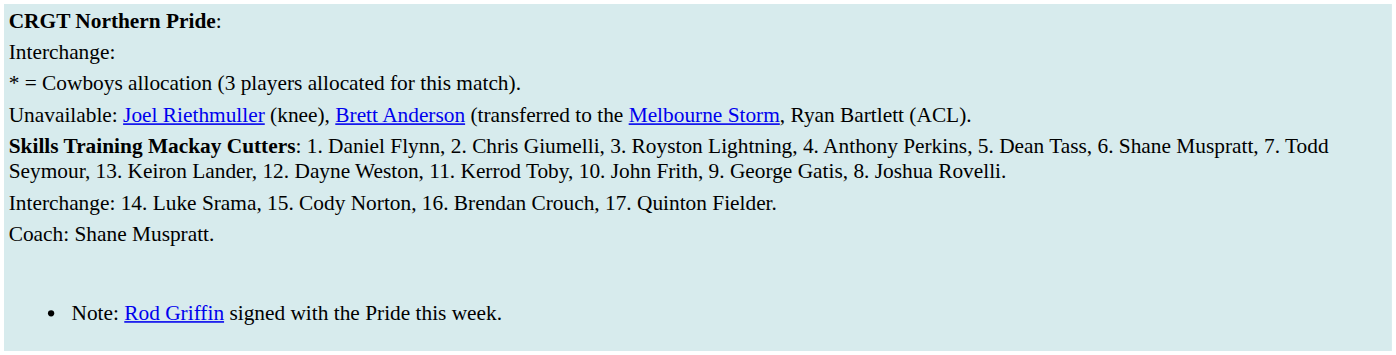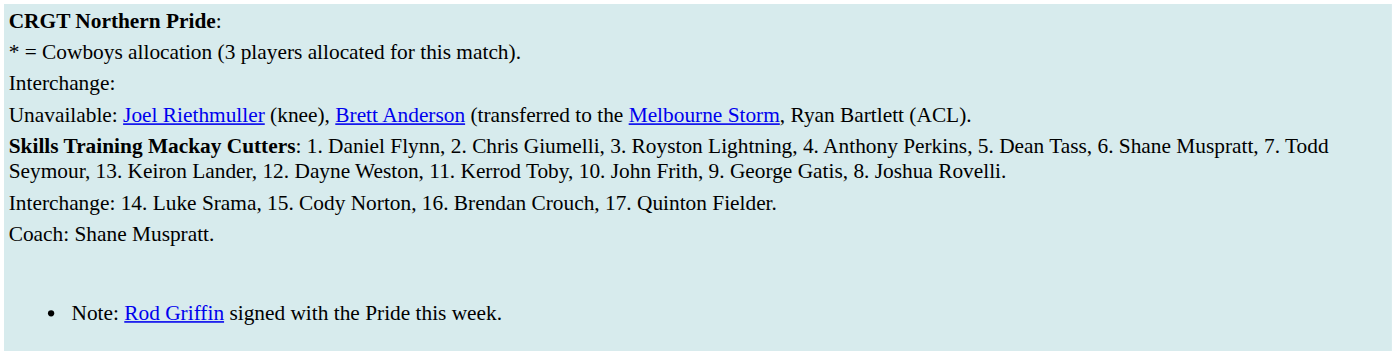 <table style="background:#d7ebed; font-size:85%; width:100%;">
 <tr>
 <td><strong>CRGT Northern Pride</strong>:             </td>
 </tr>
 <tr>
-<td>Interchange:    </td>
+<td>* = Cowboys allocation (3 players allocated for this match).</td>
 </tr>
 <tr>
-<td>* = Cowboys allocation (3 players allocated for this match).</td>
+<td>Interchange:    </td>
 </tr>
 <tr>
 <td>Unavailable: <a href='#'>Joel Riethmuller</a> (knee), <a href='#'>Brett Anderson</a> (transferred to the <a href='#'>Melbourne Storm</a>, Ryan Bartlett (ACL).</td>
 </tr>
 <tr>
 <td><strong>Skills Training Mackay Cutters</strong>: 1. Daniel Flynn, 2. Chris Giumelli, 3. Royston Lightning, 4. Anthony Perkins, 5. Dean Tass, 6. Shane Muspratt, 7. Todd Seymour, 13. Keiron Lander, 12. Dayne Weston, 11. Kerrod Toby, 10. John Frith, 9. George Gatis, 8. Joshua Rovelli.</td>
 </tr>
 <tr>
 <td>Interchange: 14. Luke Srama, 15. Cody Norton, 16. Brendan Crouch, 17. Quinton Fielder.</td>
 </tr>
 <tr>
 <td>Coach: Shane Muspratt.</td>
 </tr>
 <tr>
 <td><br><ul><li>Note: <a href='#'>Rod Griffin</a> signed with the Pride this week.</li></ul></td>
 </tr>
 </table>
